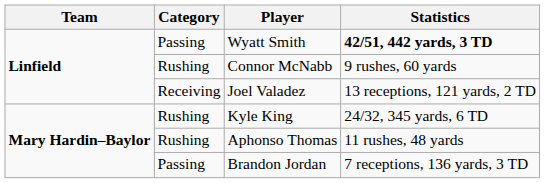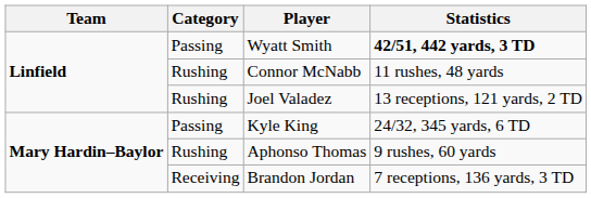 <table class="wikitable" style="float: right;">
 <tr>
 <th>Team</th>
 <th>Category</th>
 <th>Player</th>
 <th>Statistics</th>
 </tr>
 <tr>
 <td rowspan=3><strong>Linfield</strong></td>
 <td>Passing</td>
 <td>Wyatt Smith</td>
 <td><strong>42/51, 442 yards, 3 TD</strong></td>
 </tr>
 <tr>
 <td>Rushing</td>
 <td>Connor McNabb</td>
-<td>9 rushes, 60 yards</td>
+<td>11 rushes, 48 yards</td>
 </tr>
 <tr>
-<td>Receiving</td>
+<td>Rushing</td>
 <td>Joel Valadez</td>
 <td>13 receptions, 121 yards, 2 TD</td>
 </tr>
 <tr>
 <td rowspan=3><strong>Mary Hardin–Baylor</strong></td>
-<td>Rushing</td>
+<td>Passing</td>
 <td>Kyle King</td>
 <td>24/32, 345 yards, 6 TD</td>
 </tr>
 <tr>
 <td>Rushing</td>
 <td>Aphonso Thomas</td>
-<td>11 rushes, 48 yards</td>
+<td>9 rushes, 60 yards</td>
 </tr>
 <tr>
-<td>Passing</td>
+<td>Receiving</td>
 <td>Brandon Jordan</td>
 <td>7 receptions, 136 yards, 3 TD</td>
 </tr>
 </table>
